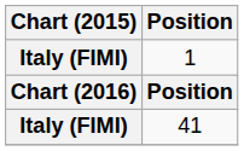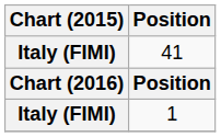 <table class="wikitable sortable plainrowheaders" style="text-align:center">
 <tr>
 <th scope="col">Chart (2015)</th>
 <th scope="col">Position</th>
 </tr>
 <tr>
 <th scope="row">Italy (FIMI)</th>
-<td style="text-align:center;">1</td>
+<td style="text-align:center;">41</td>
 </tr>
 <tr>
 <th scope="col">Chart (2016)</th>
 <th scope="col">Position</th>
 </tr>
 <tr>
 <th scope="row">Italy (FIMI)</th>
-<td style="text-align:center;">41</td>
+<td style="text-align:center;">1</td>
 </tr>
 <tr>
 </tr>
 </table>
